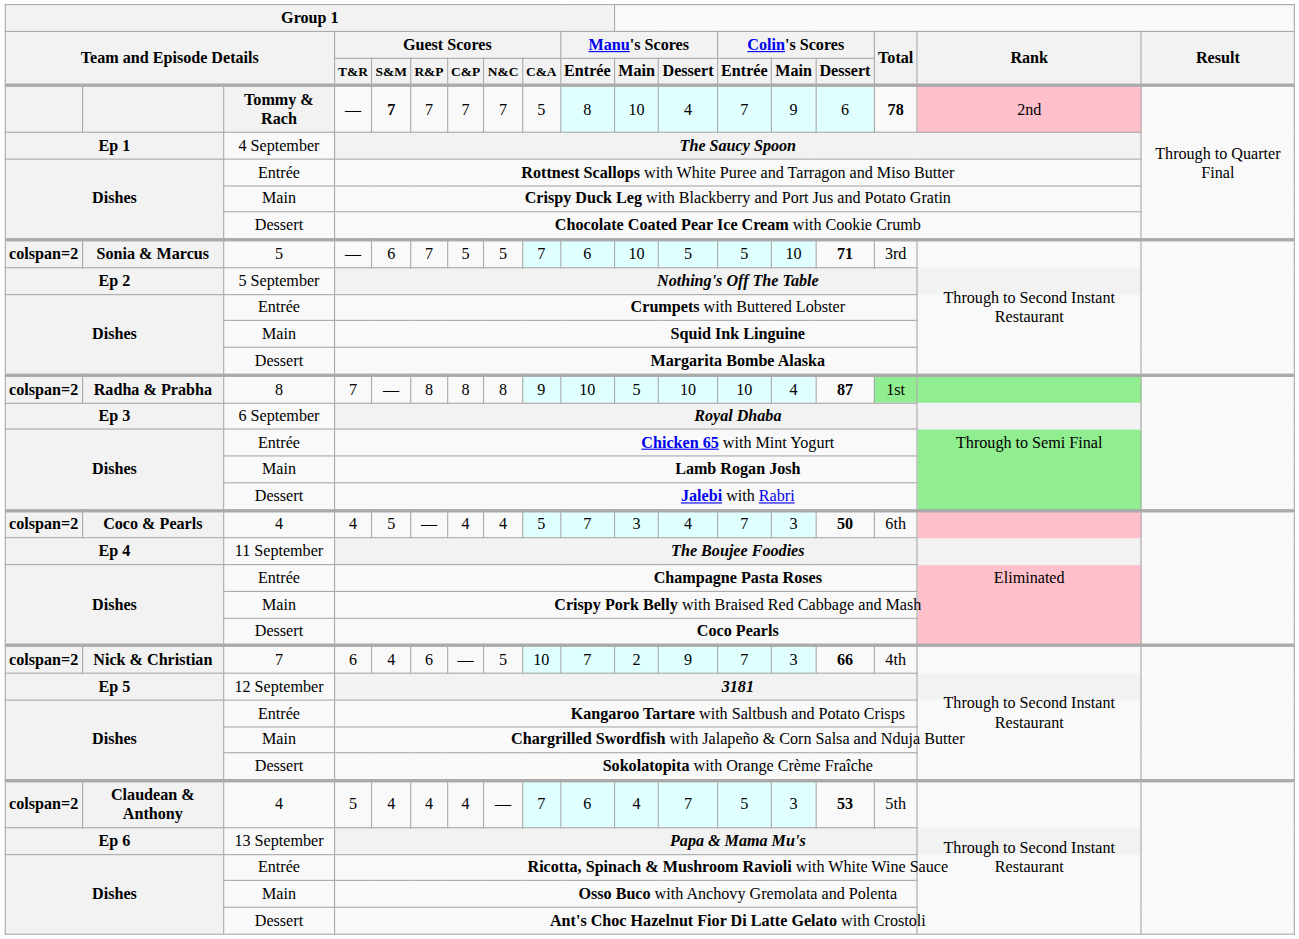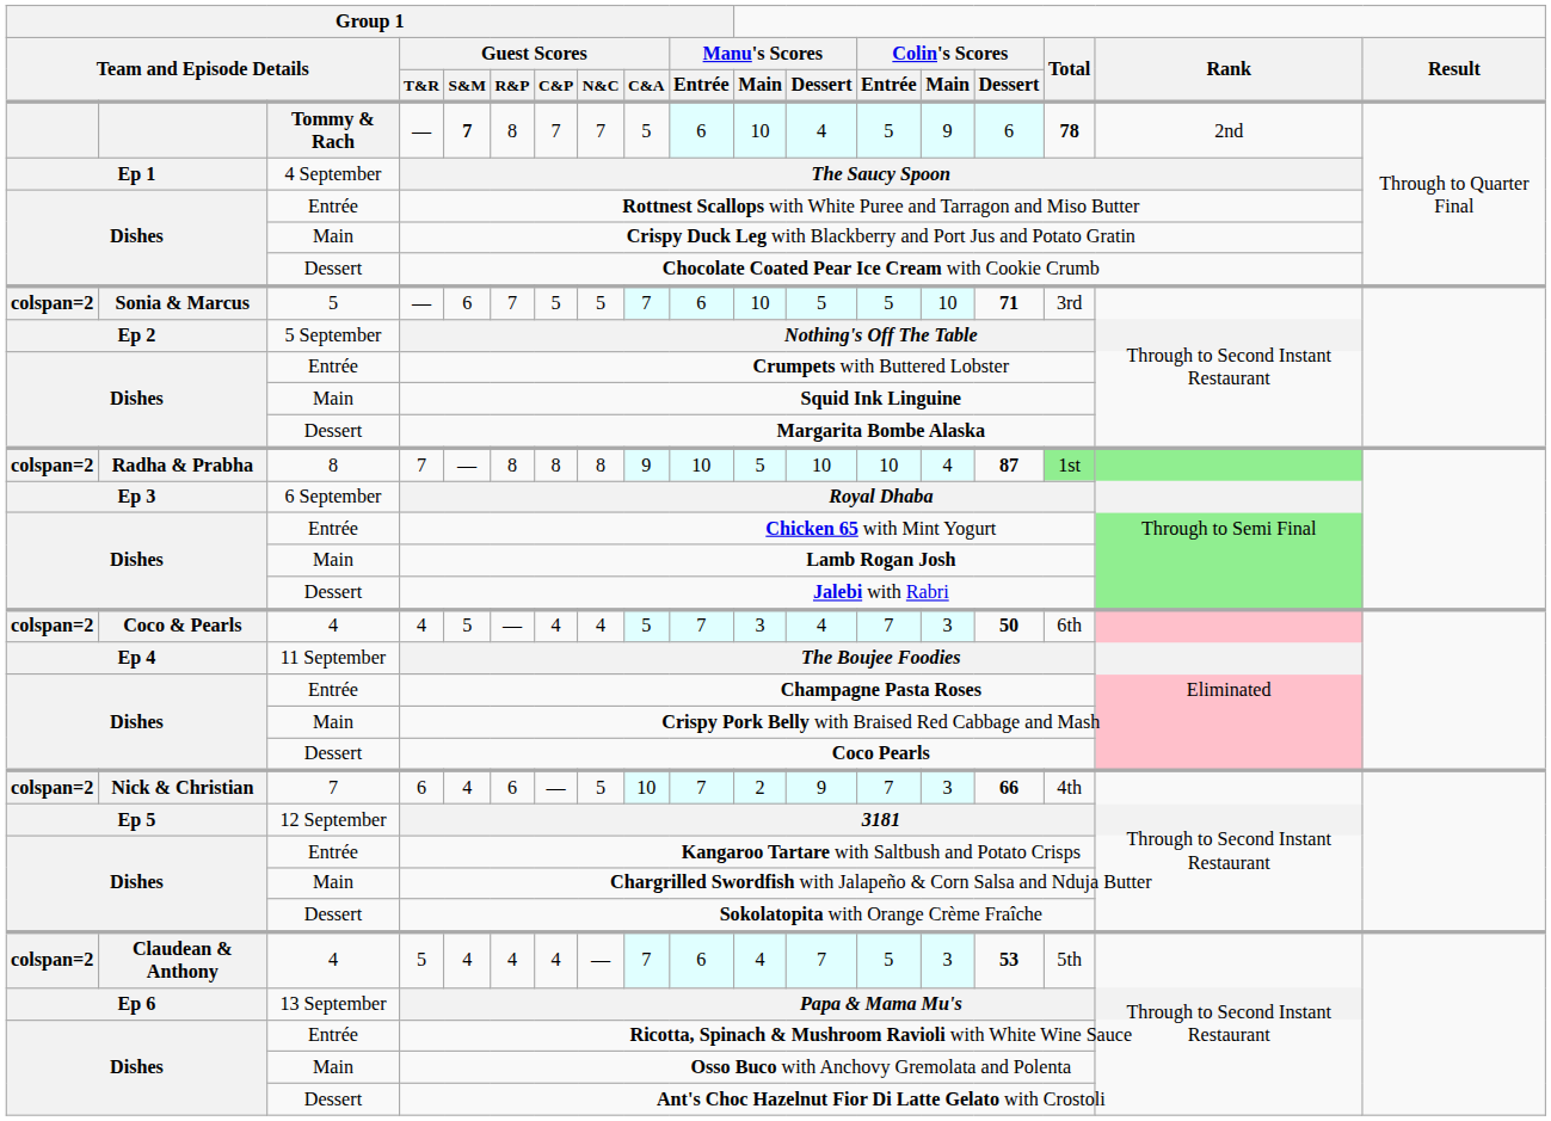 <table class="wikitable plainrowheaders" style="margin:1em auto; text-align:center; font-size:90%; width:80em;">
 <tr>
 <th colspan="10" >Group 1</th>
 </tr>
 <tr>
 <th scope="col" rowspan="2" colspan="3">Team and Episode Details</th>
 <th scope="col" colspan="6">Guest Scores</th>
 <th scope="col" colspan="3"><a href='#'>Manu</a>'s Scores</th>
 <th scope="col" colspan="3"><a href='#'>Colin</a>'s Scores</th>
 <th scope="col" rowspan="2">Total<br><small></small></th>
 <th scope="col" rowspan="2">Rank</th>
 <th scope="col" rowspan="2">Result</th>
 </tr>
 <tr>
 <th scope="col"><small>T&R</small></th>
 <th scope="col"><small>S&M</small></th>
 <th scope="col"><small>R&P</small></th>
 <th scope="col"><small>C&P</small></th>
 <th scope="col"><small>N&C</small></th>
 <th scope="col"><small>C&A</small></th>
 <th scope="col">Entrée</th>
 <th scope="col">Main</th>
 <th scope="col">Dessert</th>
 <th scope="col">Entrée</th>
 <th scope="col">Main</th>
 <th scope="col">Dessert</th>
 </tr>
 <tr style="border-top:3px solid #aaa;">
 <th></th>
 <th></th>
 <th>Tommy & Rach</th>
 <td>—</td>
 <td><strong>7</strong></td>
-<td>7</td>
+<td>8</td>
 <td>7</td>
 <td>7</td>
 <td>5</td>
-<td bgcolor="#e0ffff">8</td>
+<td bgcolor="#e0ffff">6</td>
 <td bgcolor="#e0ffff">10</td>
 <td bgcolor="#e0ffff">4</td>
-<td bgcolor="#e0ffff">7</td>
+<td bgcolor="#e0ffff">5</td>
 <td bgcolor="#e0ffff">9</td>
 <td bgcolor="#e0ffff">6</td>
 <td><strong>78</strong></td>
-<td style="background: pink;">2nd</td>
+<td>2nd</td>
 <td rowspan="5">Through to Quarter Final</td>
 </tr>
 <tr>
 <th colspan="2">Ep 1</th>
 <td>4 September</td>
 <th colspan="14"><strong><em>The Saucy Spoon</em></strong></th>
 </tr>
 <tr>
 <th colspan="2" rowspan="3">Dishes</th>
 <td>Entrée</td>
 <td colspan="14"><strong>Rottnest Scallops</strong> with White Puree and Tarragon and Miso Butter</td>
 </tr>
 <tr>
 <td>Main</td>
 <td colspan="14"><strong>Crispy Duck Leg</strong> with Blackberry and Port Jus and Potato Gratin</td>
 </tr>
 <tr>
 <td>Dessert</td>
 <td colspan="14"><strong>Chocolate Coated Pear Ice Cream</strong> with Cookie Crumb</td>
 </tr>
 <tr style="border-top:3px solid #aaa;">
 <th>colspan=2 </th>
 <th>Sonia & Marcus</th>
 <td>5</td>
 <td>—</td>
 <td>6</td>
 <td>7</td>
 <td>5</td>
 <td>5</td>
 <td bgcolor="#e0ffff">7</td>
 <td bgcolor="#e0ffff">6</td>
 <td bgcolor="#e0ffff">10</td>
 <td bgcolor="#e0ffff">5</td>
 <td bgcolor="#e0ffff">5</td>
 <td bgcolor="#e0ffff">10</td>
 <td><strong>71</strong></td>
 <td>3rd</td>
 <td rowspan="5">Through to Second Instant Restaurant</td>
 </tr>
 <tr>
 <th colspan="2">Ep 2</th>
 <td>5 September</td>
 <th colspan="14"><strong><em>Nothing's Off The Table</em></strong></th>
 </tr>
 <tr>
 <th colspan="2" rowspan="3">Dishes</th>
 <td>Entrée</td>
 <td colspan="14"><strong>Crumpets</strong> with Buttered Lobster</td>
 </tr>
 <tr>
 <td>Main</td>
 <td colspan="14"><strong>Squid Ink Linguine</strong></td>
 </tr>
 <tr>
 <td>Dessert</td>
 <td colspan="14"><strong>Margarita Bombe Alaska</strong></td>
 </tr>
 <tr style="border-top:3px solid #aaa;">
 <th>colspan=2 </th>
 <th>Radha & Prabha</th>
 <td>8</td>
 <td>7</td>
 <td>—</td>
 <td>8</td>
 <td>8</td>
 <td>8</td>
 <td bgcolor="#e0ffff">9</td>
 <td bgcolor="#e0ffff">10</td>
 <td bgcolor="#e0ffff">5</td>
 <td bgcolor="#e0ffff">10</td>
 <td bgcolor="#e0ffff">10</td>
 <td bgcolor="#e0ffff">4</td>
 <td><strong>87</strong></td>
 <td bgcolor=lightgreen>1st</td>
 <td rowspan="5" bgcolor=lightgreen>Through to Semi Final</td>
 </tr>
 <tr>
 <th colspan="2">Ep 3</th>
 <td>6 September</td>
 <th colspan="14"><strong><em>Royal Dhaba</em></strong></th>
 </tr>
 <tr>
 <th colspan="2" rowspan="3">Dishes</th>
 <td>Entrée</td>
 <td colspan="14"><strong><a href='#'>Chicken 65</a></strong> with Mint Yogurt</td>
 </tr>
 <tr>
 <td>Main</td>
 <td colspan="14"><strong>Lamb Rogan Josh</strong></td>
 </tr>
 <tr>
 <td>Dessert</td>
 <td colspan="14"><strong><a href='#'>Jalebi</a></strong> with <a href='#'>Rabri</a></td>
 </tr>
 <tr style="border-top:3px solid #aaa;">
 <th>colspan=2 </th>
 <th>Coco & Pearls</th>
 <td>4</td>
 <td>4</td>
 <td>5</td>
 <td>—</td>
 <td>4</td>
 <td>4</td>
 <td bgcolor="#e0ffff">5</td>
 <td bgcolor="#e0ffff">7</td>
 <td bgcolor="#e0ffff">3</td>
 <td bgcolor="#e0ffff">4</td>
 <td bgcolor="#e0ffff">7</td>
 <td bgcolor="#e0ffff">3</td>
 <td><strong>50</strong></td>
 <td>6th</td>
 <td rowspan="5" bgcolor=pink>Eliminated</td>
 </tr>
 <tr>
 <th colspan="2">Ep 4</th>
 <td>11 September</td>
 <th colspan="14"><strong><em>The Boujee Foodies</em></strong></th>
 </tr>
 <tr>
 <th colspan="2" rowspan="3">Dishes</th>
 <td>Entrée</td>
 <td colspan="14"><strong>Champagne Pasta Roses</strong></td>
 </tr>
 <tr>
 <td>Main</td>
 <td colspan="14"><strong>Crispy Pork Belly</strong> with Braised Red Cabbage and Mash</td>
 </tr>
 <tr>
 <td>Dessert</td>
 <td colspan="14"><strong>Coco Pearls</strong></td>
 </tr>
 <tr style="border-top:3px solid #aaa;">
 <th>colspan=2 </th>
 <th>Nick & Christian</th>
 <td>7</td>
 <td>6</td>
 <td>4</td>
 <td>6</td>
 <td>—</td>
 <td>5</td>
 <td bgcolor="#e0ffff">10</td>
 <td bgcolor="#e0ffff">7</td>
 <td bgcolor="#e0ffff">2</td>
 <td bgcolor="#e0ffff">9</td>
 <td bgcolor="#e0ffff">7</td>
 <td bgcolor="#e0ffff">3</td>
 <td><strong>66</strong></td>
 <td>4th</td>
 <td rowspan="5">Through to Second Instant Restaurant</td>
 </tr>
 <tr>
 <th colspan="2">Ep 5</th>
 <td>12 September</td>
 <th colspan="14"><strong><em>3181</em></strong></th>
 </tr>
 <tr>
 <th colspan="2" rowspan="3">Dishes</th>
 <td>Entrée</td>
 <td colspan="14"><strong>Kangaroo Tartare</strong> with Saltbush and Potato Crisps</td>
 </tr>
 <tr>
 <td>Main</td>
 <td colspan="14"><strong>Chargrilled Swordfish</strong> with Jalapeño & Corn Salsa and Nduja Butter</td>
 </tr>
 <tr>
 <td>Dessert</td>
 <td colspan="14"><strong>Sokolatopita</strong> with Orange Crème Fraîche</td>
 </tr>
 <tr style="border-top:3px solid #aaa;">
 <th>colspan=2 </th>
 <th>Claudean & Anthony</th>
 <td>4</td>
 <td>5</td>
 <td>4</td>
 <td>4</td>
 <td>4</td>
 <td>—</td>
 <td bgcolor="#e0ffff">7</td>
 <td bgcolor="#e0ffff">6</td>
 <td bgcolor="#e0ffff">4</td>
 <td bgcolor="#e0ffff">7</td>
 <td bgcolor="#e0ffff">5</td>
 <td bgcolor="#e0ffff">3</td>
 <td><strong>53</strong></td>
 <td>5th</td>
 <td rowspan="5">Through to Second Instant Restaurant</td>
 </tr>
 <tr>
 <th colspan="2">Ep 6</th>
 <td>13 September</td>
 <th colspan="14"><strong><em>Papa & Mama Mu's</em></strong></th>
 </tr>
 <tr>
 <th colspan="2" rowspan="3">Dishes</th>
 <td>Entrée</td>
 <td colspan="14"><strong>Ricotta, Spinach & Mushroom Ravioli</strong> with White Wine Sauce</td>
 </tr>
 <tr>
 <td>Main</td>
 <td colspan="14"><strong>Osso Buco</strong> with Anchovy Gremolata and Polenta</td>
 </tr>
 <tr>
 <td>Dessert</td>
 <td colspan="14"><strong>Ant's Choc Hazelnut Fior Di Latte Gelato</strong> with Crostoli</td>
 </tr>
 </table>
